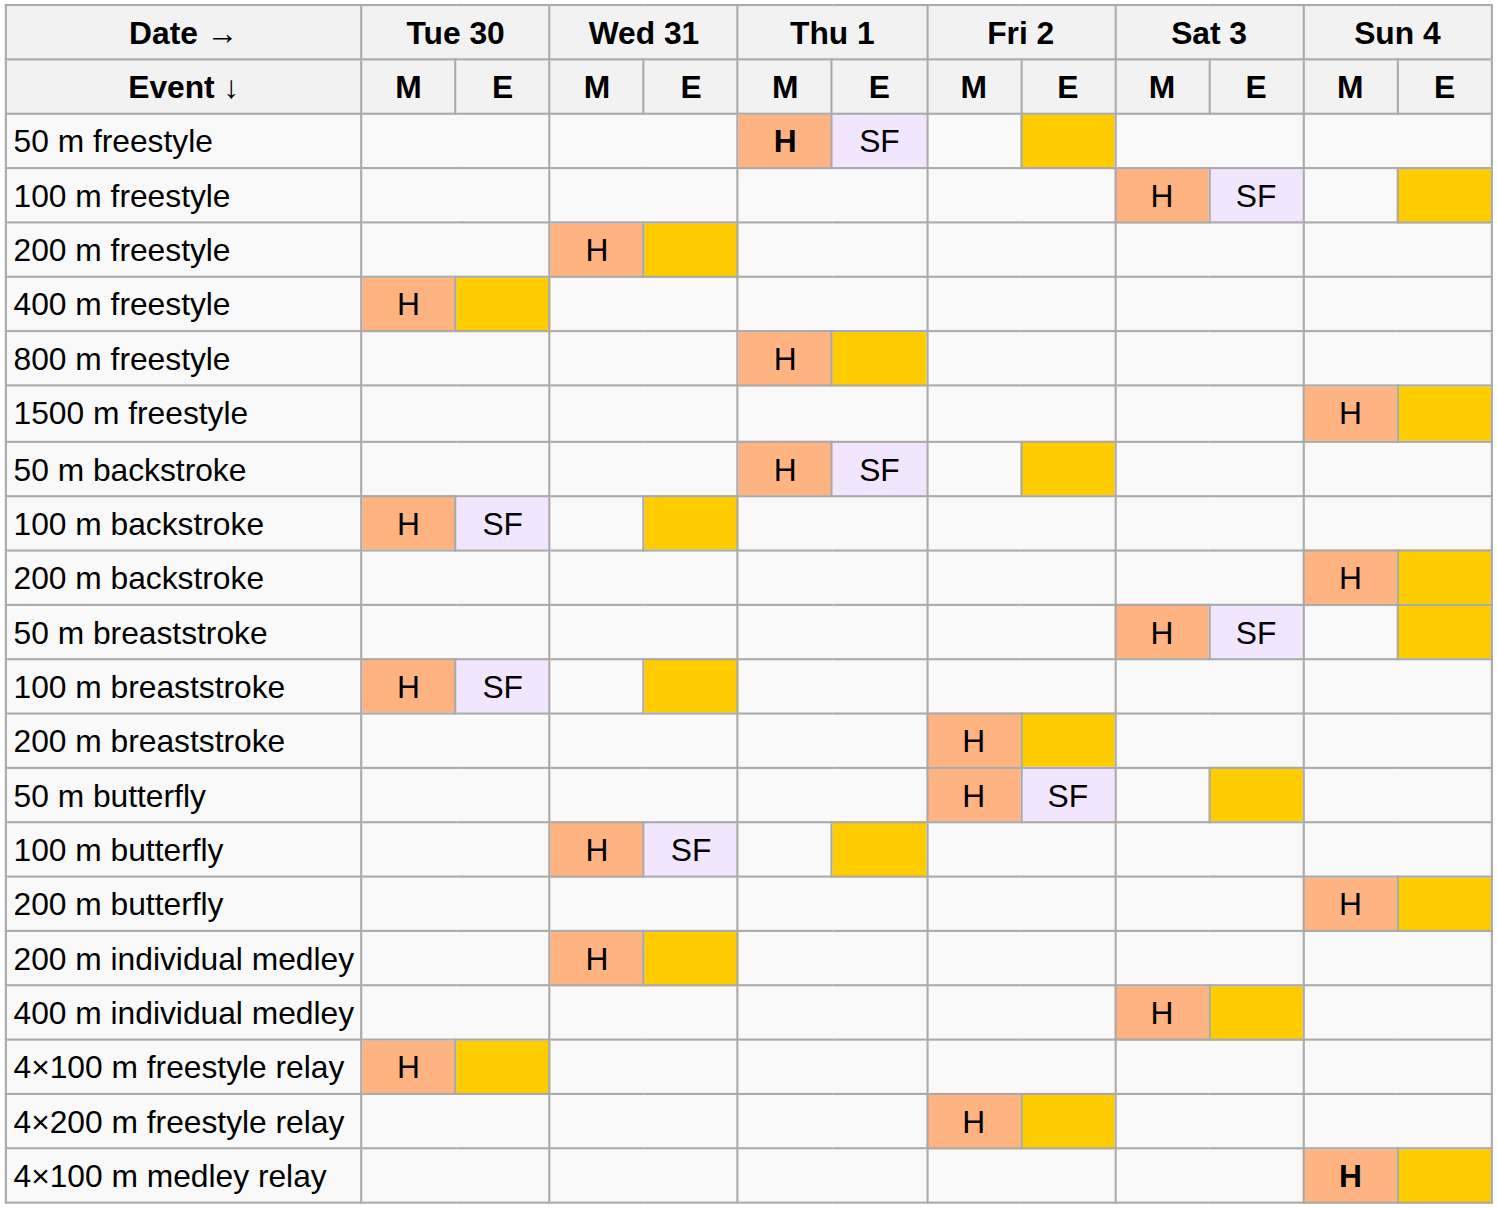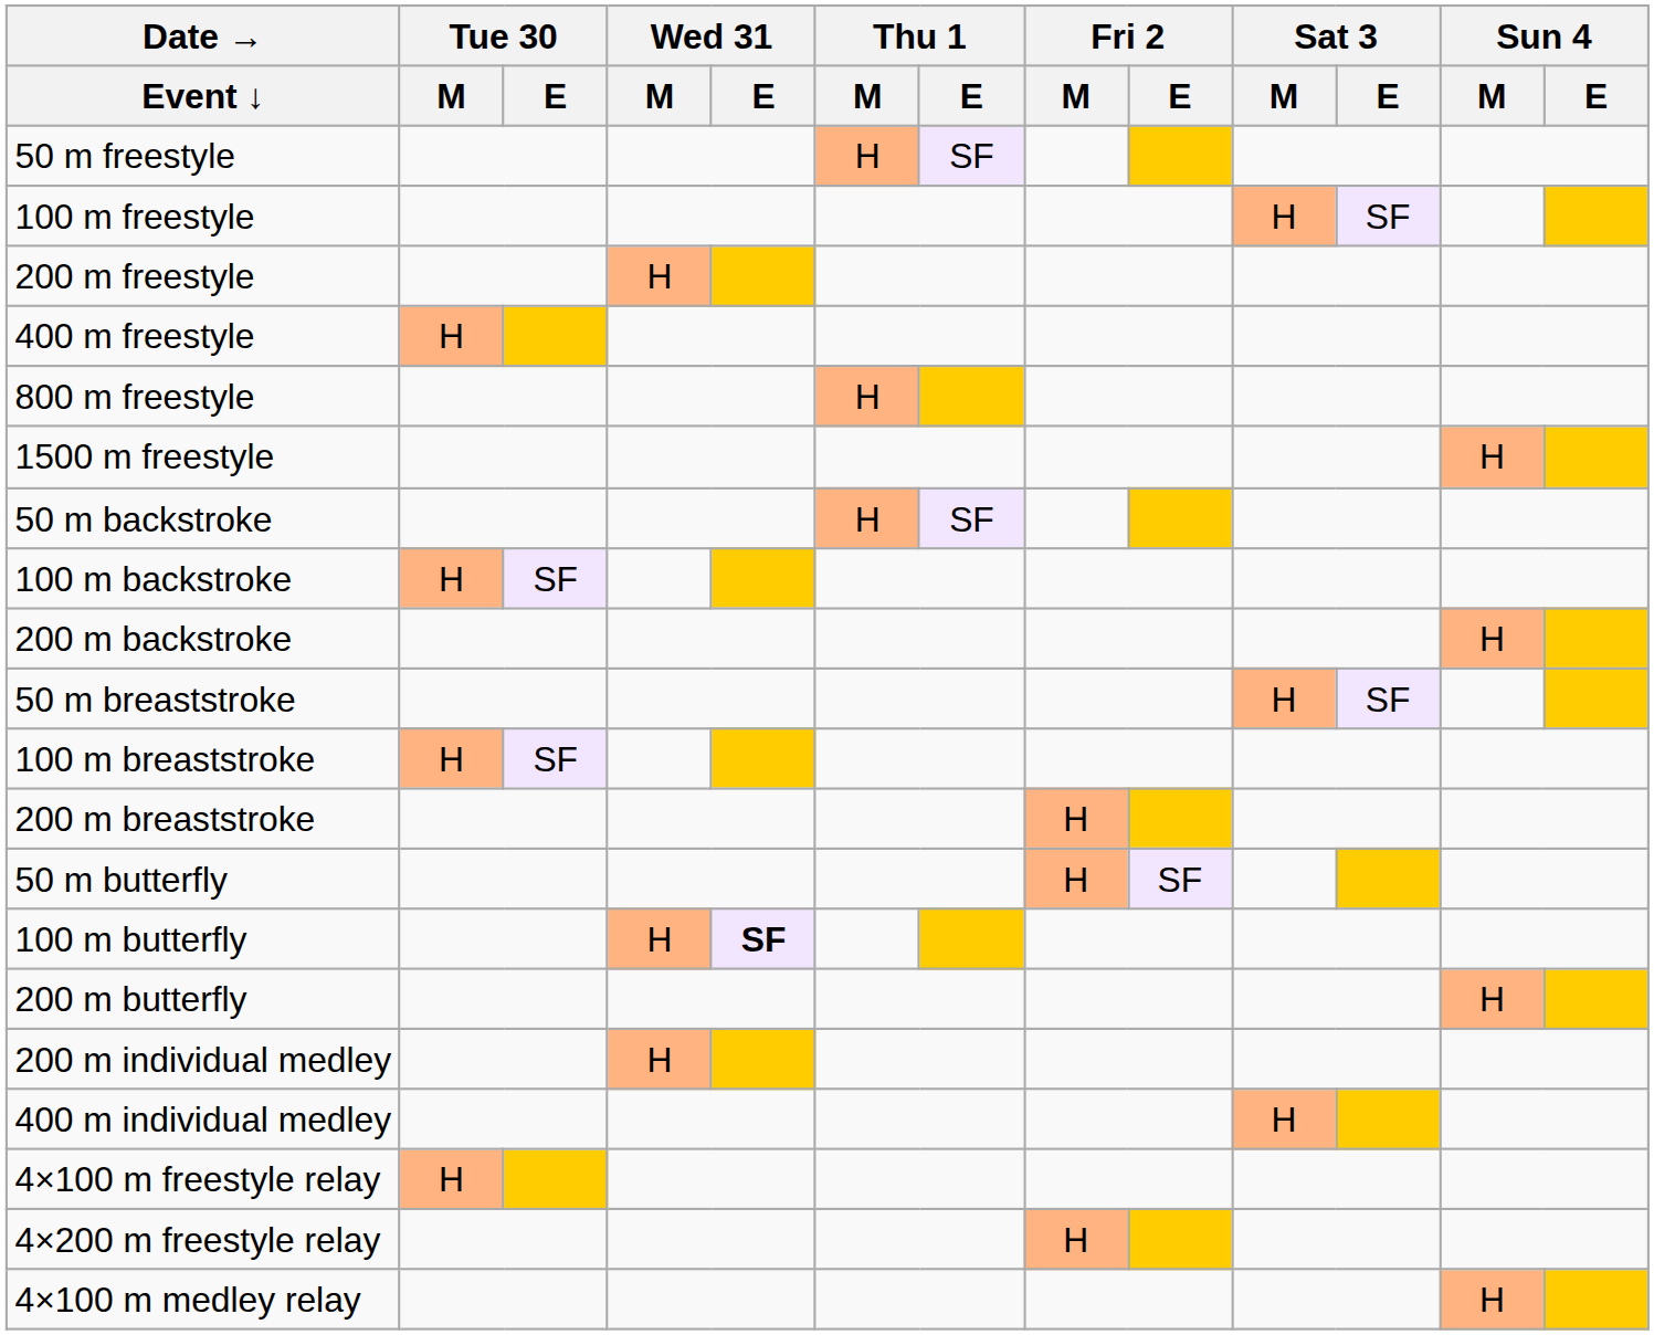 <table class="wikitable" style="margin:0.5em auto; font-size:95%; line-height:1.25em;">
 <tr style="text-align:center;">
 <th>Date →</th>
 <th colspan="2">Tue 30</th>
 <th colspan="2">Wed 31</th>
 <th colspan="2">Thu 1</th>
 <th colspan="2">Fri 2</th>
 <th colspan="2">Sat 3</th>
 <th colspan="2">Sun 4</th>
 </tr>
 <tr>
 <th>Event   ↓</th>
 <th style="width:2.5em;">M</th>
 <th style="width:2.5em;">E</th>
 <th style="width:2.5em;">M</th>
 <th style="width:2.5em;">E</th>
 <th style="width:2.5em;">M</th>
 <th style="width:2.5em;">E</th>
 <th style="width:2.5em;">M</th>
 <th style="width:2.5em;">E</th>
 <th style="width:2.5em;">M</th>
 <th style="width:2.5em;">E</th>
 <th style="width:2.5em;">M</th>
 <th style="width:2.5em;">E</th>
 </tr>
 <tr style="text-align:center;">
 <td style="text-align:left;">50 m freestyle</td>
 <td colspan="2"></td>
 <td colspan="2"></td>
-<td style="background-color:#ffb380;"><strong>H</strong></td>
+<td style="background-color:#ffb380;">H</td>
 <td style="background-color:#f2e6ff;">SF</td>
 <td></td>
 <td style="background-color:#ffcc00;"></td>
 <td colspan="2"></td>
 <td colspan="2"></td>
 </tr>
 <tr style="text-align:center;">
 <td style="text-align:left;">100 m freestyle</td>
 <td colspan="2"></td>
 <td colspan="2"></td>
 <td colspan="2"></td>
 <td colspan="2"></td>
 <td style="background-color:#ffb380;">H</td>
 <td style="background-color:#f2e6ff;">SF</td>
 <td></td>
 <td style="background-color:#ffcc00;"></td>
 </tr>
 <tr style="text-align:center;">
 <td style="text-align:left;">200 m freestyle</td>
 <td colspan="2"></td>
 <td style="background-color:#ffb380;">H</td>
 <td style="background-color:#ffcc00;"></td>
 <td colspan="2"></td>
 <td colspan="2"></td>
 <td colspan="2"></td>
 <td colspan="2"></td>
 </tr>
 <tr style="text-align:center;">
 <td style="text-align:left;">400 m freestyle</td>
 <td style="background-color:#ffb380;">H</td>
 <td style="background-color:#ffcc00;"></td>
 <td colspan="2"></td>
 <td colspan="2"></td>
 <td colspan="2"></td>
 <td colspan="2"></td>
 <td colspan="2"></td>
 </tr>
 <tr style="text-align:center;">
 <td style="text-align:left;">800 m freestyle</td>
 <td colspan="2"></td>
 <td colspan="2"></td>
 <td style="background-color:#ffb380;">H</td>
 <td style="background-color:#ffcc00;"></td>
 <td colspan="2"></td>
 <td colspan="2"></td>
 <td colspan="2"></td>
 </tr>
 <tr style="text-align:center;">
 <td style="text-align:left;">1500 m freestyle</td>
 <td colspan="2"></td>
 <td colspan="2"></td>
 <td colspan="2"></td>
 <td colspan="2"></td>
 <td colspan="2"></td>
 <td style="background-color:#ffb380;">H</td>
 <td style="background-color:#ffcc00;"></td>
 </tr>
 <tr style="text-align:center;">
 <td style="text-align:left;">50 m backstroke</td>
 <td colspan="2"></td>
 <td colspan="2"></td>
 <td style="background-color:#ffb380;">H</td>
 <td style="background-color:#f2e6ff;">SF</td>
 <td></td>
 <td style="background-color:#ffcc00;"></td>
 <td colspan="2"></td>
 <td colspan="2"></td>
 </tr>
 <tr style="text-align:center;">
 <td style="text-align:left;">100 m backstroke</td>
 <td style="background-color:#ffb380;">H</td>
 <td style="background-color:#f2e6ff;">SF</td>
 <td></td>
 <td style="background-color:#ffcc00;"></td>
 <td colspan="2"></td>
 <td colspan="2"></td>
 <td colspan="2"></td>
 <td colspan="2"></td>
 </tr>
 <tr style="text-align:center;">
 <td style="text-align:left;">200 m backstroke</td>
 <td colspan="2"></td>
 <td colspan="2"></td>
 <td colspan="2"></td>
 <td colspan="2"></td>
 <td colspan="2"></td>
 <td style="background-color:#ffb380;">H</td>
 <td style="background-color:#ffcc00;"></td>
 </tr>
 <tr style="text-align:center;">
 <td style="text-align:left;">50 m breaststroke</td>
 <td colspan="2"></td>
 <td colspan="2"></td>
 <td colspan="2"></td>
 <td colspan="2"></td>
 <td style="background-color:#ffb380;">H</td>
 <td style="background-color:#f2e6ff;">SF</td>
 <td></td>
 <td style="background-color:#ffcc00;"></td>
 </tr>
 <tr style="text-align:center;">
 <td style="text-align:left;">100 m breaststroke</td>
 <td style="background-color:#ffb380;">H</td>
 <td style="background-color:#f2e6ff;">SF</td>
 <td></td>
 <td style="background-color:#ffcc00;"></td>
 <td colspan="2"></td>
 <td colspan="2"></td>
 <td colspan="2"></td>
 <td colspan="2"></td>
 </tr>
 <tr style="text-align:center;">
 <td style="text-align:left;">200 m breaststroke</td>
 <td colspan="2"></td>
 <td colspan="2"></td>
 <td colspan="2"></td>
 <td style="background-color:#ffb380;">H</td>
 <td style="background-color:#ffcc00;"></td>
 <td colspan="2"></td>
 <td colspan="2"></td>
 </tr>
 <tr style="text-align:center;">
 <td style="text-align:left;">50 m butterfly</td>
 <td colspan="2"></td>
 <td colspan="2"></td>
 <td colspan="2"></td>
 <td style="background-color:#ffb380;">H</td>
 <td style="background-color:#f2e6ff;">SF</td>
 <td></td>
 <td style="background-color:#ffcc00;"></td>
 <td colspan="2"></td>
 </tr>
 <tr style="text-align:center;">
 <td style="text-align:left;">100 m butterfly</td>
 <td colspan="2"></td>
 <td style="background-color:#ffb380;">H</td>
-<td style="background-color:#f2e6ff;">SF</td>
+<td style="background-color:#f2e6ff;"><strong>SF</strong></td>
 <td></td>
 <td style="background-color:#ffcc00;"></td>
 <td colspan="2"></td>
 <td colspan="2"></td>
 <td colspan="2"></td>
 </tr>
 <tr style="text-align:center;">
 <td style="text-align:left;">200 m butterfly</td>
 <td colspan="2"></td>
 <td colspan="2"></td>
 <td colspan="2"></td>
 <td colspan="2"></td>
 <td colspan="2"></td>
 <td style="background-color:#ffb380;">H</td>
 <td style="background-color:#ffcc00;"></td>
 </tr>
 <tr style="text-align:center;">
 <td style="text-align:left;">200 m individual medley</td>
 <td colspan="2"></td>
 <td style="background-color:#ffb380;">H</td>
 <td style="background-color:#ffcc00;"></td>
 <td colspan="2"></td>
 <td colspan="2"></td>
 <td colspan="2"></td>
 <td colspan="2"></td>
 </tr>
 <tr style="text-align:center;">
 <td style="text-align:left;">400 m individual medley</td>
 <td colspan="2"></td>
 <td colspan="2"></td>
 <td colspan="2"></td>
 <td colspan="2"></td>
 <td style="background-color:#ffb380;">H</td>
 <td style="background-color:#ffcc00;"></td>
 <td colspan="2"></td>
 </tr>
 <tr style="text-align:center;">
 <td style="text-align:left;">4×100 m freestyle relay</td>
 <td style="background-color:#ffb380;">H</td>
 <td style="background-color:#ffcc00;"></td>
 <td colspan="2"></td>
 <td colspan="2"></td>
 <td colspan="2"></td>
 <td colspan="2"></td>
 <td colspan="2"></td>
 </tr>
 <tr style="text-align:center;">
 <td style="text-align:left;">4×200 m freestyle relay</td>
 <td colspan="2"></td>
 <td colspan="2"></td>
 <td colspan="2"></td>
 <td style="background-color:#ffb380;">H</td>
 <td style="background-color:#ffcc00;"></td>
 <td colspan="2"></td>
 <td colspan="2"></td>
 </tr>
 <tr style="text-align:center;">
 <td style="text-align:left;">4×100 m medley relay</td>
 <td colspan="2"></td>
 <td colspan="2"></td>
 <td colspan="2"></td>
 <td colspan="2"></td>
 <td colspan="2"></td>
-<td style="background-color:#ffb380;"><strong>H</strong></td>
+<td style="background-color:#ffb380;">H</td>
 <td style="background-color:#ffcc00;"></td>
 </tr>
 </table>
